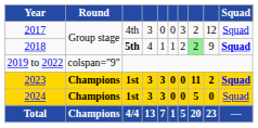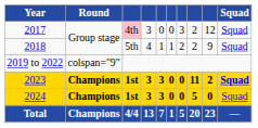 <table class="wikitable" style="text-align: center;">
 <tr>
 <th style="background:#244AA5; color:white; ">Year</th>
 <th style="background:#244AA5; color:white; ">Round</th>
 <th style="background:#244AA5; color:white; "></th>
 <th style="background:#244AA5; color:white; "></th>
 <th style="background:#244AA5; color:white; "></th>
 <th style="background:#244AA5; color:white; "></th>
 <th style="background:#244AA5; color:white; "></th>
 <th style="background:#244AA5; color:white; "></th>
 <th style="background:#244AA5; color:white; "></th>
 <th style="background:#244AA5; color:white; ">Squad</th>
 </tr>
 <tr>
 <td><a href='#'>2017</a></td>
 <td rowspan="2">Group stage</td>
-<td>4th</td>
+<td style="background: pink;">4th</td>
 <td>3</td>
 <td>0</td>
 <td>0</td>
 <td>3</td>
 <td>2</td>
 <td>12</td>
 <td><a href='#'>Squad</a></td>
 </tr>
 <tr>
 <td><a href='#'>2018</a></td>
-<td><strong>5th</strong></td>
+<td>5th</td>
 <td>4</td>
 <td>1</td>
 <td>1</td>
 <td>2</td>
-<td style="background: lightgreen;">2</td>
+<td>2</td>
 <td>9</td>
-<td><strong><a href='#'>Squad</a></strong></td>
+<td><a href='#'>Squad</a></td>
 </tr>
 <tr>
 <td><a href='#'>2019</a> to <a href='#'>2022</a></td>
 <td>colspan="9" </td>
 </tr>
 <tr style="background:gold;">
 <td><a href='#'>2023</a></td>
 <td><strong>Champions</strong></td>
 <td><strong>1st</strong></td>
 <td><strong>3</strong></td>
 <td><strong>3</strong></td>
 <td><strong>0</strong></td>
 <td><strong>0</strong></td>
 <td><strong>11</strong></td>
 <td><strong>2</strong></td>
 <td><strong><a href='#'>Squad</a></strong></td>
 </tr>
 <tr style="background:gold;">
 <td><a href='#'>2024</a></td>
 <td><strong>Champions</strong></td>
 <td><strong>1st</strong></td>
 <td><strong>3</strong></td>
 <td><strong>3</strong></td>
 <td><strong>0</strong></td>
 <td><strong>0</strong></td>
 <td><strong>5</strong></td>
 <td><strong>0</strong></td>
 <td><a href='#'>Squad</a></td>
 </tr>
 <tr>
 <th style="background:#244AA5;color:white;">Total</th>
 <th style="background:#244AA5; color:white; ">Champions</th>
 <th style="background:#244AA5; color:white; ">4/4</th>
 <th style="background:#244AA5; color:white; ">13</th>
 <th style="background:#244AA5; color:white; ">7</th>
 <th style="background:#244AA5; color:white; ">1</th>
 <th style="background:#244AA5; color:white; ">5</th>
 <th style="background:#244AA5; color:white; ">20</th>
 <th style="background:#244AA5; color:white; ">23</th>
 <th style="background:#244AA5; color:white; ">—</th>
 </tr>
 </table>
